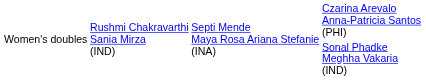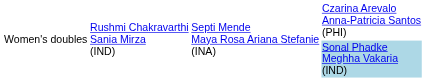 <table>
 <tr>
 <td rowspan=2>Women's doubles</td>
 <td rowspan=2> <a href='#'>Rushmi Chakravarthi</a><br> <a href='#'>Sania Mirza</a><br>(IND)</td>
 <td rowspan=2> <a href='#'>Septi Mende</a><br> <a href='#'>Maya Rosa Ariana Stefanie</a><br>(INA)</td>
 <td> <a href='#'>Czarina Arevalo</a><br> <a href='#'>Anna-Patricia Santos</a><br>(PHI)</td>
 </tr>
 <tr>
-<td> <a href='#'>Sonal Phadke</a><br> <a href='#'>Meghha Vakaria</a><br>(IND)</td>
+<td style="background: lightblue;"> <a href='#'>Sonal Phadke</a><br> <a href='#'>Meghha Vakaria</a><br>(IND)</td>
 </tr>
 </table>
